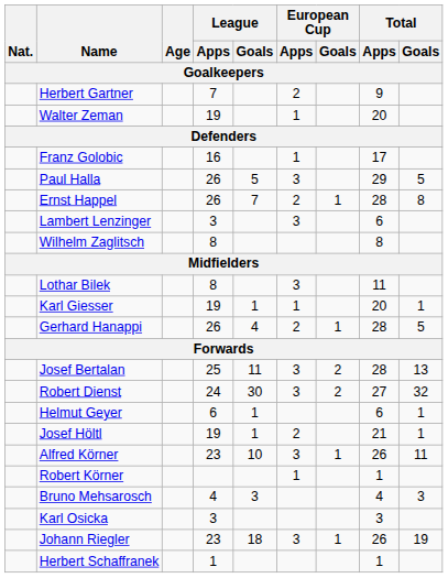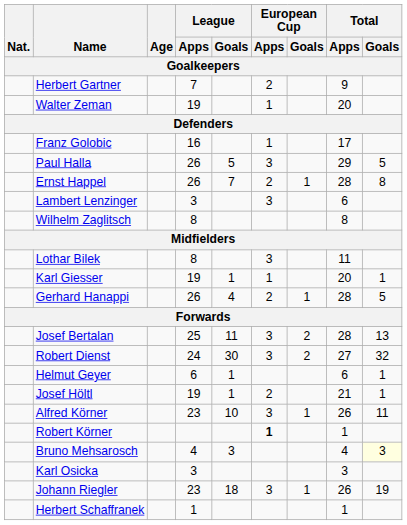 <table class="wikitable" style="text-align:center">
 <tr>
 <th rowspan="2" valign="bottom">Nat.</th>
 <th rowspan="2" valign="bottom">Name</th>
 <th rowspan="2" valign="bottom">Age</th>
 <th colspan="2" width="85">League</th>
 <th colspan="2" width="85">European Cup</th>
 <th colspan="2" width="85">Total</th>
 </tr>
 <tr>
 <th>Apps</th>
 <th>Goals</th>
 <th>Apps</th>
 <th>Goals</th>
 <th>Apps</th>
 <th>Goals</th>
 </tr>
 <tr>
 <th colspan=20>Goalkeepers</th>
 </tr>
 <tr>
 <td></td>
 <td align="left"><a href='#'>Herbert Gartner</a></td>
 <td></td>
 <td>7</td>
 <td></td>
 <td>2</td>
 <td></td>
 <td>9</td>
 <td></td>
 </tr>
 <tr>
 <td></td>
 <td align="left"><a href='#'>Walter Zeman</a></td>
 <td></td>
 <td>19</td>
 <td></td>
 <td>1</td>
 <td></td>
 <td>20</td>
 <td></td>
 </tr>
 <tr>
 <th colspan=20>Defenders</th>
 </tr>
 <tr>
 <td></td>
 <td align="left"><a href='#'>Franz Golobic</a></td>
 <td></td>
 <td>16</td>
 <td></td>
 <td>1</td>
 <td></td>
 <td>17</td>
 <td></td>
 </tr>
 <tr>
 <td></td>
 <td align="left"><a href='#'>Paul Halla</a></td>
 <td></td>
 <td>26</td>
 <td>5</td>
 <td>3</td>
 <td></td>
 <td>29</td>
 <td>5</td>
 </tr>
 <tr>
 <td></td>
 <td align="left"><a href='#'>Ernst Happel</a></td>
 <td></td>
 <td>26</td>
 <td>7</td>
 <td>2</td>
 <td>1</td>
 <td>28</td>
 <td>8</td>
 </tr>
 <tr>
 <td></td>
 <td align="left"><a href='#'>Lambert Lenzinger</a></td>
 <td></td>
 <td>3</td>
 <td></td>
 <td>3</td>
 <td></td>
 <td>6</td>
 <td></td>
 </tr>
 <tr>
 <td></td>
 <td align="left"><a href='#'>Wilhelm Zaglitsch</a></td>
 <td></td>
 <td>8</td>
 <td></td>
 <td></td>
 <td></td>
 <td>8</td>
 <td></td>
 </tr>
 <tr>
 <th colspan=20>Midfielders</th>
 </tr>
 <tr>
 <td></td>
 <td align="left"><a href='#'>Lothar Bilek</a></td>
 <td></td>
 <td>8</td>
 <td></td>
 <td>3</td>
 <td></td>
 <td>11</td>
 <td></td>
 </tr>
 <tr>
 <td></td>
 <td align="left"><a href='#'>Karl Giesser</a></td>
 <td></td>
 <td>19</td>
 <td>1</td>
 <td>1</td>
 <td></td>
 <td>20</td>
 <td>1</td>
 </tr>
 <tr>
 <td></td>
 <td align="left"><a href='#'>Gerhard Hanappi</a></td>
 <td></td>
 <td>26</td>
 <td>4</td>
 <td>2</td>
 <td>1</td>
 <td>28</td>
 <td>5</td>
 </tr>
 <tr>
 <th colspan=20>Forwards</th>
 </tr>
 <tr>
 <td></td>
 <td align="left"><a href='#'>Josef Bertalan</a></td>
 <td></td>
 <td>25</td>
 <td>11</td>
 <td>3</td>
 <td>2</td>
 <td>28</td>
 <td>13</td>
 </tr>
 <tr>
 <td></td>
 <td align="left"><a href='#'>Robert Dienst</a></td>
 <td></td>
 <td>24</td>
 <td>30</td>
 <td>3</td>
 <td>2</td>
 <td>27</td>
 <td>32</td>
 </tr>
 <tr>
 <td></td>
 <td align="left"><a href='#'>Helmut Geyer</a></td>
 <td></td>
 <td>6</td>
 <td>1</td>
 <td></td>
 <td></td>
 <td>6</td>
 <td>1</td>
 </tr>
 <tr>
 <td></td>
 <td align="left"><a href='#'>Josef Höltl</a></td>
 <td></td>
 <td>19</td>
 <td>1</td>
 <td>2</td>
 <td></td>
 <td>21</td>
 <td>1</td>
 </tr>
 <tr>
 <td></td>
 <td align="left"><a href='#'>Alfred Körner</a></td>
 <td></td>
 <td>23</td>
 <td>10</td>
 <td>3</td>
 <td>1</td>
 <td>26</td>
 <td>11</td>
 </tr>
 <tr>
 <td></td>
 <td align="left"><a href='#'>Robert Körner</a></td>
 <td></td>
 <td></td>
 <td></td>
-<td>1</td>
+<td><strong>1</strong></td>
 <td></td>
 <td>1</td>
 <td></td>
 </tr>
 <tr>
 <td></td>
 <td align="left"><a href='#'>Bruno Mehsarosch</a></td>
 <td></td>
 <td>4</td>
 <td>3</td>
 <td></td>
 <td></td>
 <td>4</td>
-<td>3</td>
+<td style="background: lightyellow;">3</td>
 </tr>
 <tr>
 <td></td>
 <td align="left"><a href='#'>Karl Osicka</a></td>
 <td></td>
 <td>3</td>
 <td></td>
 <td></td>
 <td></td>
 <td>3</td>
 <td></td>
 </tr>
 <tr>
 <td></td>
 <td align="left"><a href='#'>Johann Riegler</a></td>
 <td></td>
 <td>23</td>
 <td>18</td>
 <td>3</td>
 <td>1</td>
 <td>26</td>
 <td>19</td>
 </tr>
 <tr>
 <td></td>
 <td align="left"><a href='#'>Herbert Schaffranek</a></td>
 <td></td>
 <td>1</td>
 <td></td>
 <td></td>
 <td></td>
 <td>1</td>
 <td></td>
 </tr>
 </table>
